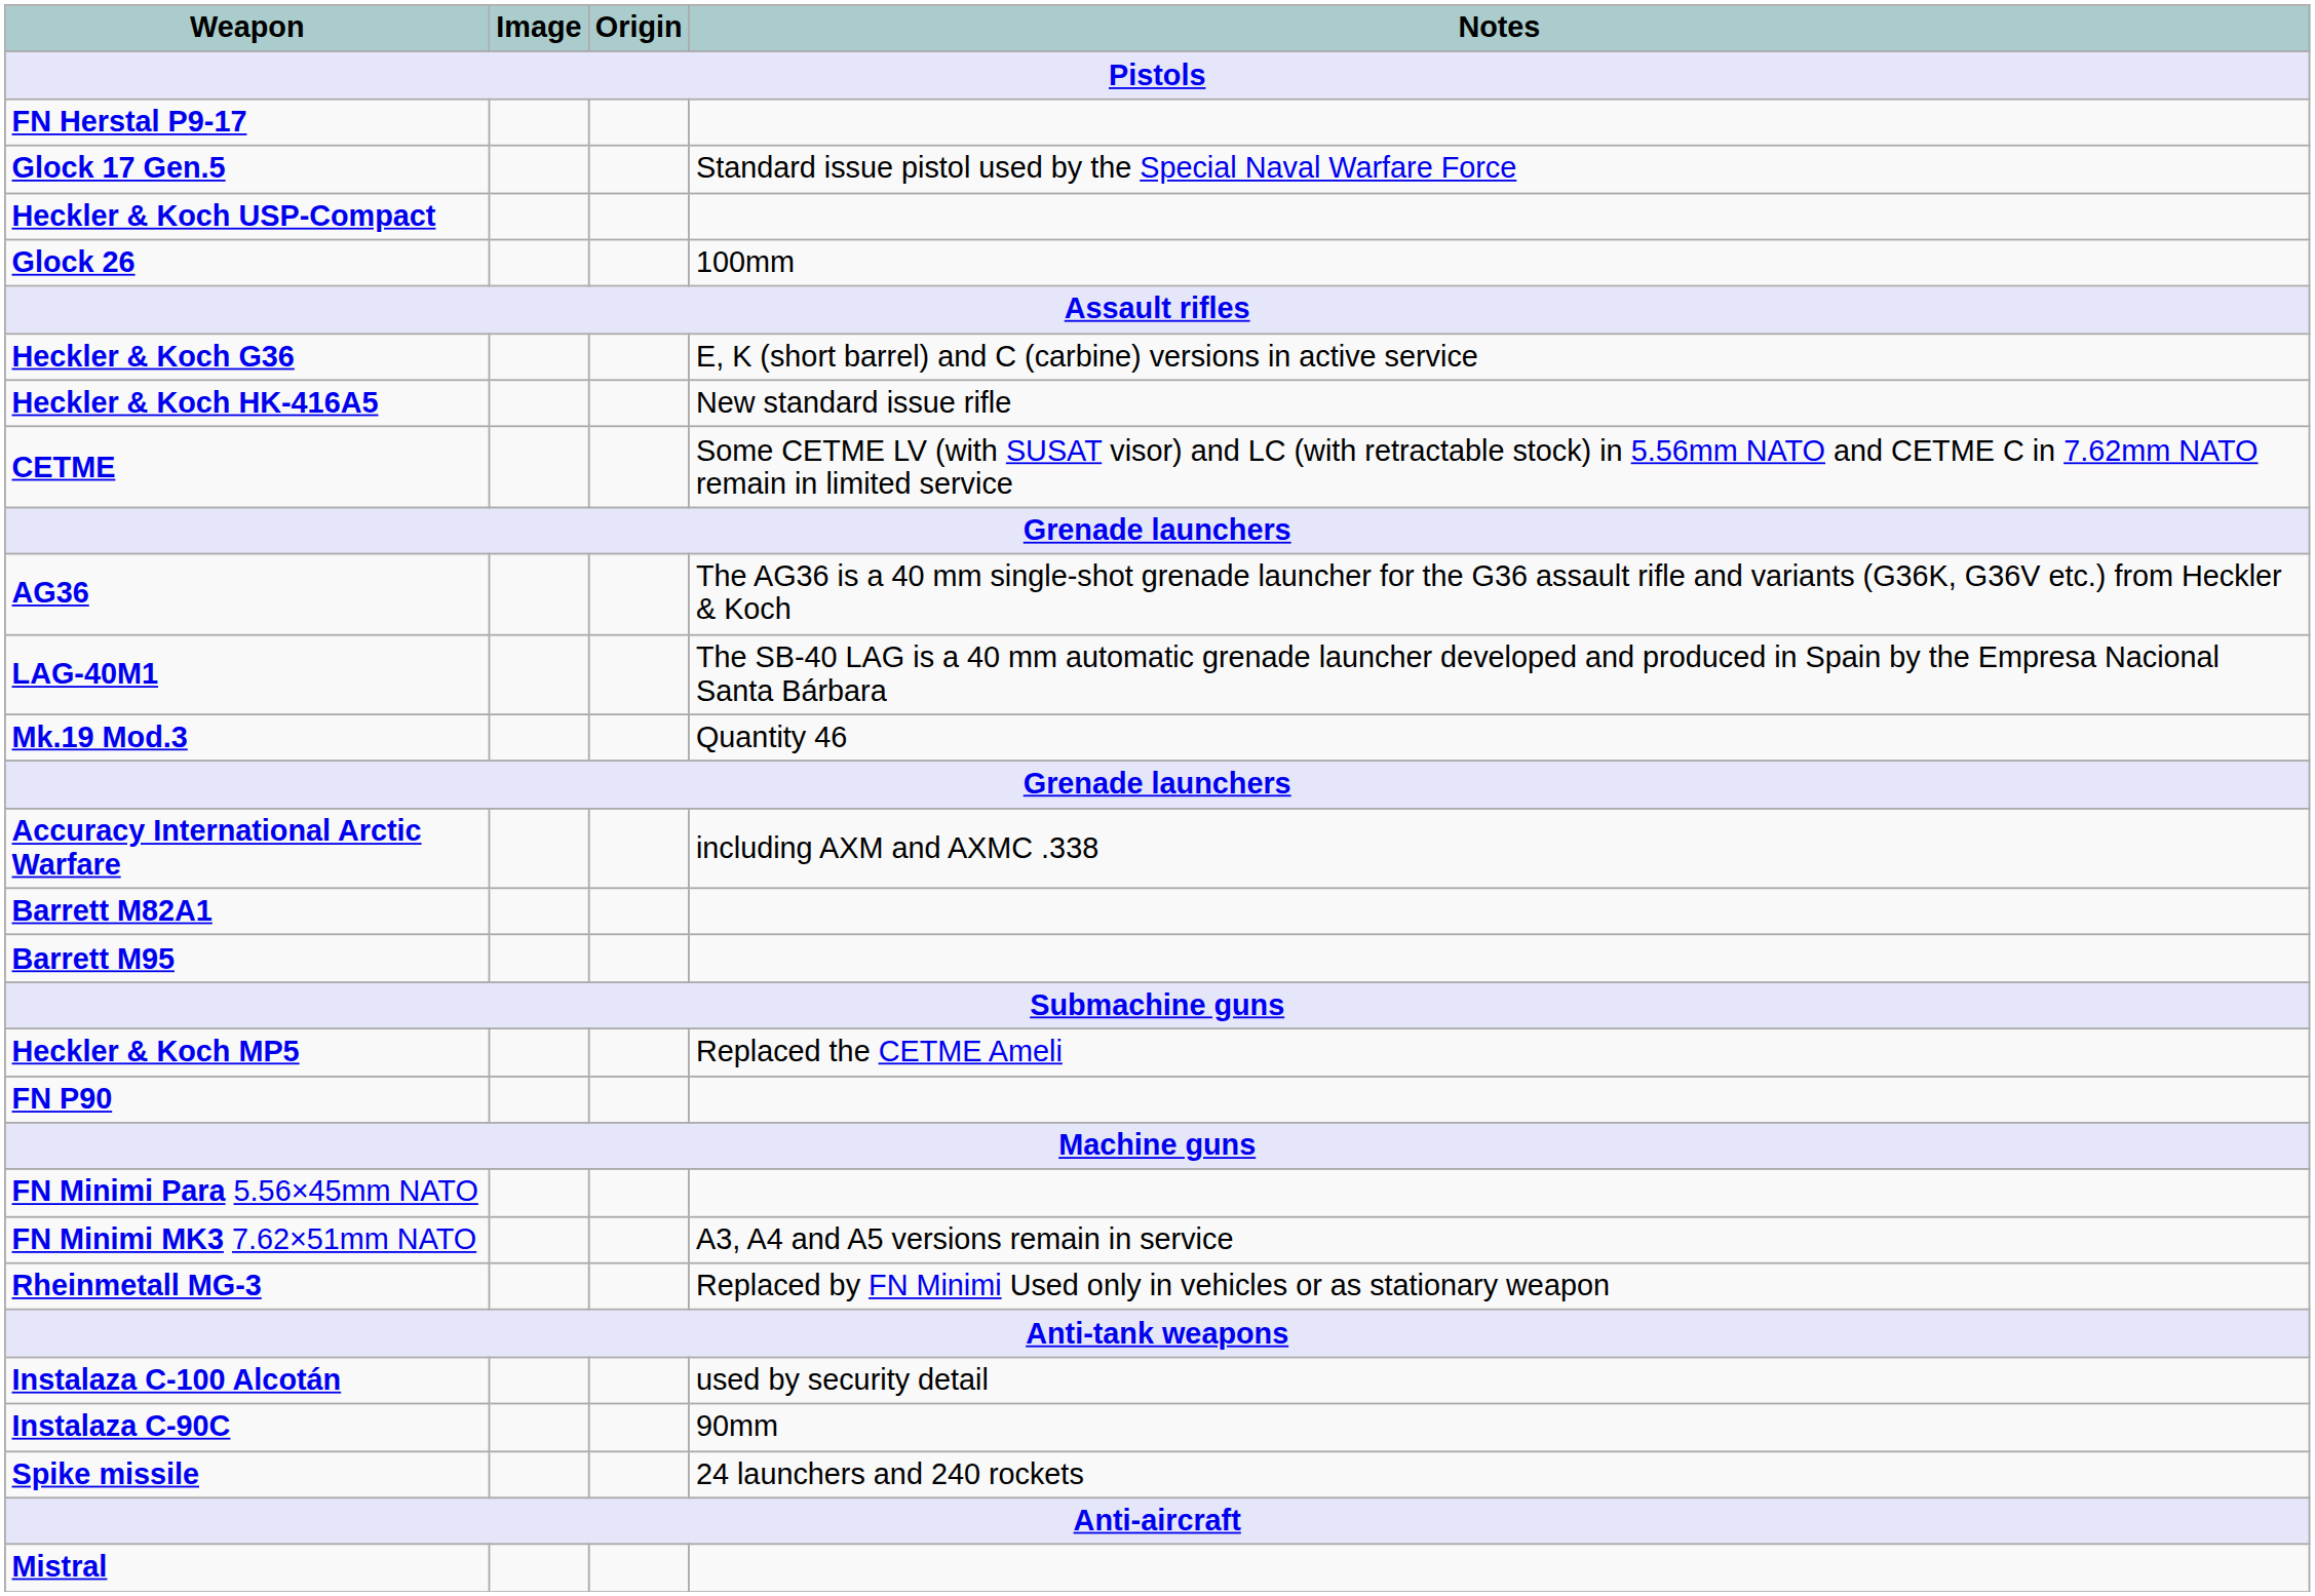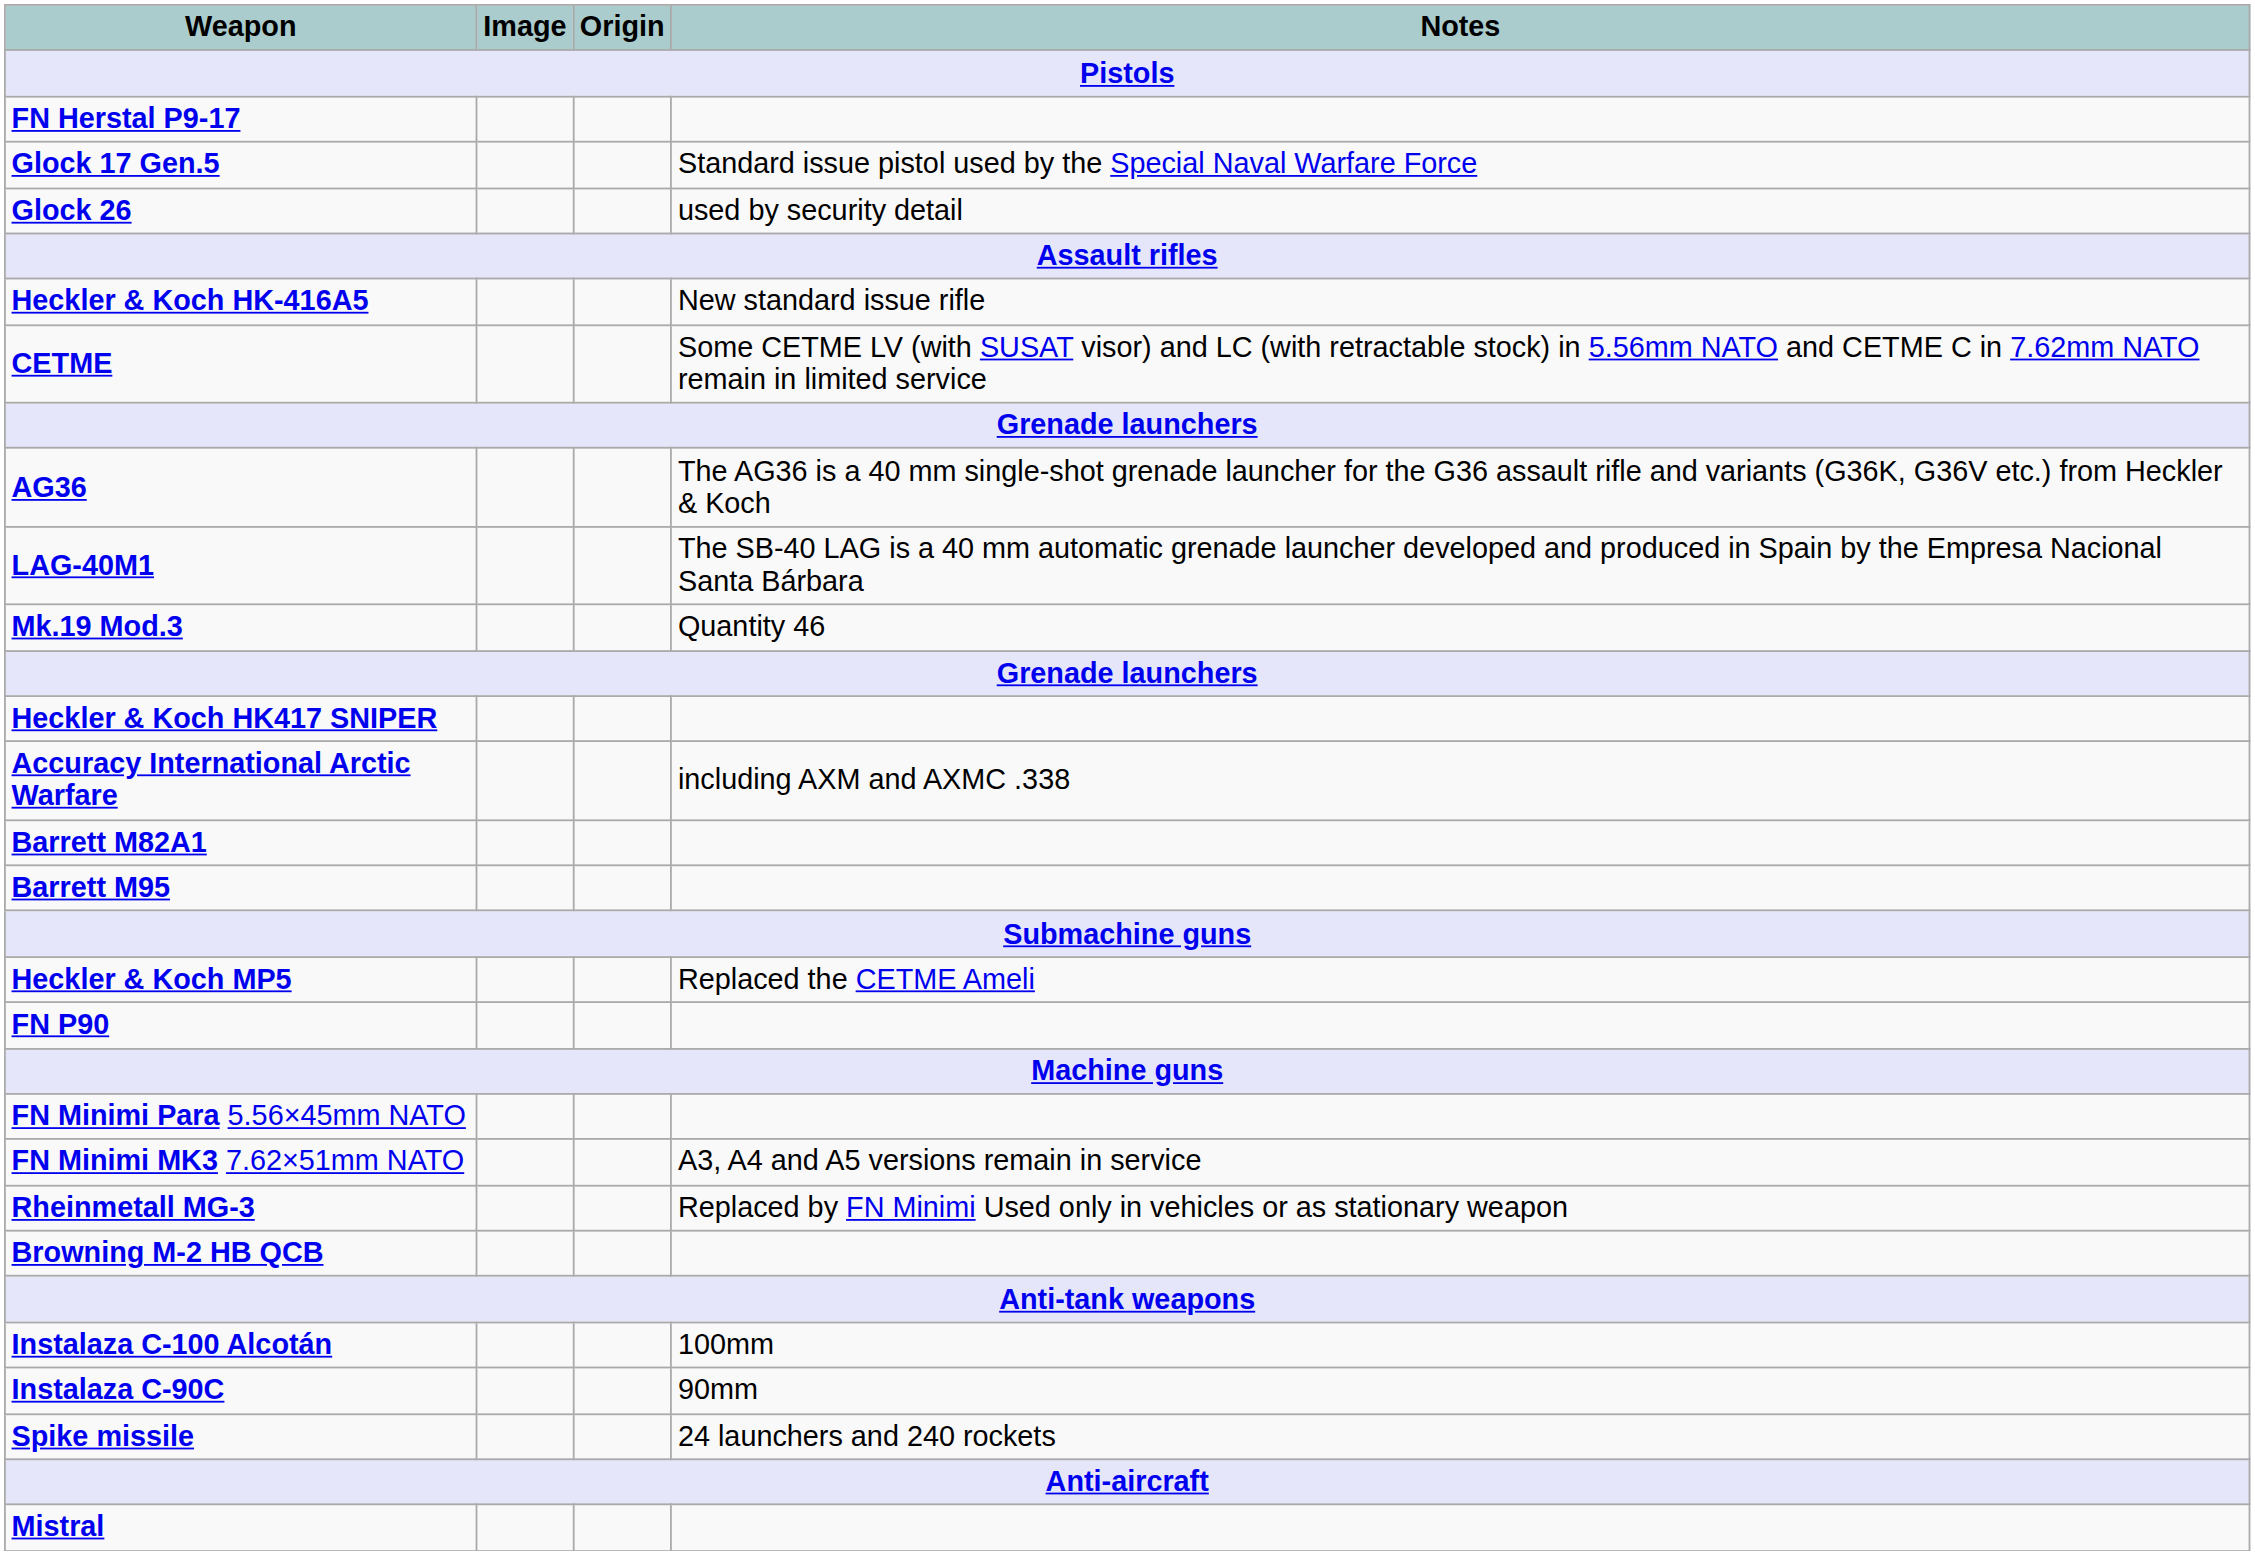 <table class="wikitable">
 <tr>
 <th style="text-align:center; background:#acc;">Weapon</th>
 <th style="text-align: center; background:#acc;">Image</th>
 <th style="text-align: center; background:#acc;">Origin</th>
 <th style="text-align:l center; background:#acc;">Notes</th>
 </tr>
 <tr>
 <th colspan="4" style="align: center; background: lavender;"><a href='#'>Pistols</a></th>
 </tr>
 <tr>
 <td><strong><a href='#'>FN Herstal P9-17</a></strong></td>
 <td></td>
 <td></td>
 <td></td>
 </tr>
 <tr>
 <td><strong><a href='#'>Glock 17 Gen.5</a></strong></td>
 <td></td>
 <td></td>
 <td>Standard issue pistol used by the <a href='#'>Special Naval Warfare Force</a></td>
 </tr>
 <tr>
-<td><strong><a href='#'> Heckler & Koch USP-Compact</a></strong></td>
-<td></td>
-<td></td>
-<td></td>
-</tr>
-<tr>
 <td><strong><a href='#'>Glock 26</a></strong></td>
 <td></td>
 <td></td>
-<td>100mm</td>
+<td>used by security detail</td>
 </tr>
 <tr>
 <th colspan="4" style="align: center; background: lavender;"><a href='#'>Assault rifles</a></th>
-</tr>
-<tr>
-<td><strong><a href='#'>Heckler & Koch G36</a></strong></td>
-<td></td>
-<td></td>
-<td>E, K (short barrel) and C (carbine) versions in active service</td>
 </tr>
 <tr>
 <td><strong><a href='#'>Heckler & Koch HK-416A5</a></strong></td>
 <td></td>
 <td></td>
 <td>New standard issue rifle </td>
 </tr>
 <tr>
 <td><strong><a href='#'>CETME</a></strong></td>
 <td></td>
 <td></td>
 <td>Some CETME LV (with <a href='#'>SUSAT</a> visor) and LC (with retractable stock) in <a href='#'>5.56mm NATO</a> and CETME C in <a href='#'>7.62mm NATO</a> remain in limited service</td>
 </tr>
 <tr>
 <th colspan="4" style="align: center; background: lavender;"><a href='#'>Grenade launchers</a></th>
 </tr>
 <tr>
 <td><strong><a href='#'>AG36</a></strong></td>
 <td></td>
 <td></td>
 <td>The AG36 is a 40 mm single-shot grenade launcher for the G36 assault rifle and variants (G36K, G36V etc.) from Heckler & Koch</td>
 </tr>
 <tr>
 <td><strong><a href='#'>LAG-40M1</a></strong></td>
 <td></td>
 <td></td>
 <td>The SB-40 LAG is a 40 mm automatic grenade launcher developed and produced in Spain by the Empresa Nacional Santa Bárbara</td>
 </tr>
 <tr>
 <td><strong><a href='#'>Mk.19 Mod.3</a></strong></td>
 <td></td>
 <td></td>
 <td>Quantity 46</td>
 </tr>
 <tr>
 <th colspan="4" style="align: center; background: lavender;"><a href='#'>Grenade launchers</a></th>
+</tr>
+<tr>
+<td><strong><a href='#'>Heckler & Koch HK417 SNIPER</a></strong></td>
+<td></td>
+<td></td>
+<td></td>
 </tr>
 <tr>
 <td><strong><a href='#'>Accuracy International Arctic Warfare</a></strong></td>
 <td></td>
 <td></td>
 <td>including AXM and AXMC .338</td>
 </tr>
 <tr>
 <td><strong><a href='#'>Barrett M82A1</a></strong></td>
 <td></td>
 <td></td>
 <td></td>
 </tr>
 <tr>
 <td><strong><a href='#'>Barrett M95</a></strong></td>
 <td></td>
 <td></td>
 <td></td>
 </tr>
 <tr>
 <th colspan="4" style="align: center; background: lavender;"><a href='#'>Submachine guns</a></th>
 </tr>
 <tr>
 <td><strong><a href='#'>Heckler & Koch MP5</a></strong></td>
 <td></td>
 <td></td>
 <td>Replaced the <a href='#'>CETME Ameli</a></td>
 </tr>
 <tr>
 <td><strong><a href='#'>FN P90</a></strong></td>
 <td></td>
 <td></td>
 <td></td>
 </tr>
 <tr>
 <th colspan="4" style="align: center; background: lavender;"><a href='#'>Machine guns</a></th>
 </tr>
 <tr>
 <td><strong><a href='#'>FN Minimi Para</a></strong> <a href='#'>5.56×45mm NATO</a></td>
 <td></td>
 <td></td>
 <td></td>
 </tr>
 <tr>
 <td><strong><a href='#'>FN Minimi MK3</a></strong> <a href='#'>7.62×51mm NATO</a></td>
 <td></td>
 <td></td>
 <td>A3, A4 and A5 versions remain in service</td>
 </tr>
 <tr>
 <td><strong><a href='#'>Rheinmetall MG-3</a></strong></td>
 <td></td>
 <td></td>
 <td>Replaced by <a href='#'>FN Minimi</a> Used only in vehicles or as stationary weapon</td>
 </tr>
 <tr>
+<td><strong><a href='#'>Browning M-2 HB QCB</a></strong></td>
+<td></td>
+<td></td>
+<td></td>
+</tr>
+<tr>
 <th colspan="4" style="align: center; background: lavender;"><a href='#'>Anti-tank weapons</a></th>
 </tr>
 <tr>
 <td><strong><a href='#'>Instalaza C-100 Alcotán</a></strong></td>
 <td></td>
 <td></td>
-<td>used by security detail</td>
+<td>100mm</td>
 </tr>
 <tr>
 <td><strong><a href='#'>Instalaza C-90C</a></strong></td>
 <td></td>
 <td></td>
 <td>90mm</td>
 </tr>
 <tr>
 <td><strong><a href='#'>Spike missile</a></strong></td>
 <td></td>
 <td></td>
 <td>24 launchers and 240 rockets</td>
 </tr>
 <tr>
 <th colspan="4" style="align: center; background: lavender;"><a href='#'>Anti-aircraft</a></th>
 </tr>
 <tr>
 <td><strong><a href='#'>Mistral</a></strong></td>
 <td></td>
 <td></td>
 <td></td>
 </tr>
 </table>
